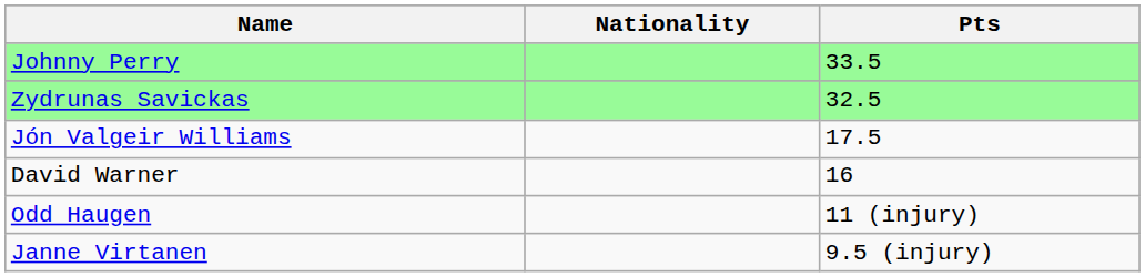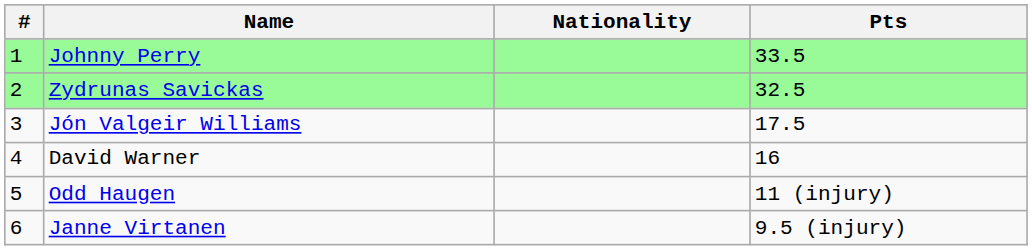 <table class="wikitable" style="display: inline-table; width: 50%;">
 <tr>
+<th>#</th>
 <th>Name</th>
 <th>Nationality</th>
 <th>Pts</th>
 </tr>
 <tr style="background:palegreen;">
+<td>1</td>
 <td><a href='#'>Johnny Perry</a></td>
 <td></td>
 <td>33.5</td>
 </tr>
 <tr style="background:palegreen;">
+<td>2</td>
 <td><a href='#'>Zydrunas Savickas</a></td>
 <td></td>
 <td>32.5</td>
 </tr>
 <tr>
+<td>3</td>
 <td><a href='#'>Jón Valgeir Williams</a></td>
 <td></td>
 <td>17.5</td>
 </tr>
 <tr>
+<td>4</td>
 <td>David Warner</td>
 <td></td>
 <td>16</td>
 </tr>
 <tr>
+<td>5</td>
 <td><a href='#'>Odd Haugen</a></td>
 <td></td>
 <td>11 (injury)</td>
 </tr>
 <tr>
+<td>6</td>
 <td><a href='#'>Janne Virtanen</a></td>
 <td></td>
 <td>9.5 (injury)</td>
 </tr>
 </table>
